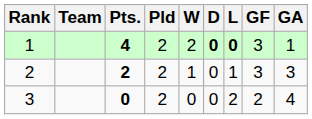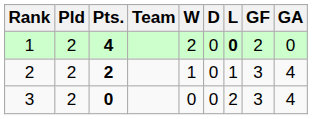 <table class=wikitable>
 <tr>
 <th>Rank</th>
+<th>Pld</th>
+<th>Pts.</th>
 <th>Team</th>
-<th>Pts.</th>
-<th>Pld</th>
 <th>W</th>
 <th>D</th>
 <th>L</th>
 <th>GF</th>
 <th>GA</th>
 </tr>
 <tr align=center style="background:#ccffcc;">
 <td>1</td>
+<td>2</td>
+<td><strong>4</strong></td>
 <td align=left></td>
-<td><strong>4</strong></td>
 <td>2</td>
+<td>0</td>
+<td><strong>0</strong></td>
 <td>2</td>
-<td><strong>0</strong></td>
-<td><strong>0</strong></td>
-<td>3</td>
-<td>1</td>
+<td>0</td>
 </tr>
 <tr align=center>
 <td>2</td>
+<td>2</td>
+<td><strong>2</strong></td>
 <td align=left></td>
-<td><strong>2</strong></td>
-<td>2</td>
 <td>1</td>
 <td>0</td>
 <td>1</td>
 <td>3</td>
-<td>3</td>
+<td>4</td>
 </tr>
 <tr align=center>
 <td>3</td>
+<td>2</td>
+<td><strong>0</strong></td>
 <td align=left></td>
-<td><strong>0</strong></td>
-<td>2</td>
 <td>0</td>
 <td>0</td>
 <td>2</td>
-<td>2</td>
+<td>3</td>
 <td>4</td>
 </tr>
 </table>
